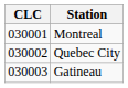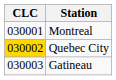 <table class="wikitable" style="line-height: 100%;">
 <tr>
 <th>CLC</th>
 <th>Station</th>
 </tr>
 <tr>
 <td>030001</td>
 <td>Montreal</td>
 </tr>
 <tr>
-<td>030002</td>
+<td style="background: gold;">030002</td>
 <td>Quebec City</td>
 </tr>
 <tr>
 <td>030003</td>
 <td>Gatineau</td>
 </tr>
 </table>
